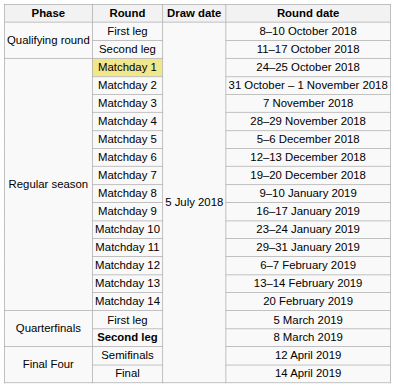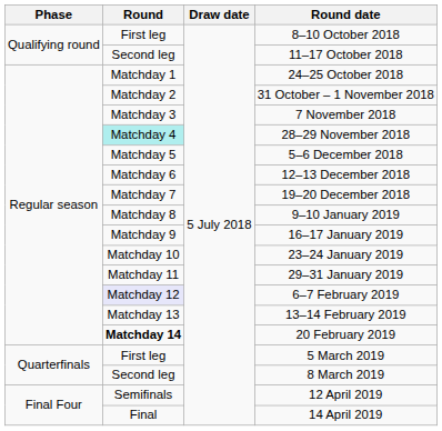 <table class="wikitable" style="text-align:center">
 <tr>
 <th>Phase</th>
 <th>Round</th>
 <th>Draw date</th>
 <th>Round date</th>
 </tr>
 <tr>
 <td rowspan=2>Qualifying round</td>
 <td>First leg</td>
 <td rowspan="20">5 July 2018</td>
 <td>8–10 October 2018</td>
 </tr>
 <tr>
 <td>Second leg</td>
 <td>11–17 October 2018</td>
 </tr>
 <tr>
 <td rowspan=14>Regular season</td>
-<td style="background: khaki;">Matchday 1</td>
+<td>Matchday 1</td>
 <td>24–25 October 2018</td>
 </tr>
 <tr>
 <td>Matchday 2</td>
 <td>31 October – 1 November 2018</td>
 </tr>
 <tr>
 <td>Matchday 3</td>
 <td>7 November 2018</td>
 </tr>
 <tr>
-<td>Matchday 4</td>
+<td style="background: paleturquoise;">Matchday 4</td>
 <td>28–29 November 2018</td>
 </tr>
 <tr>
 <td>Matchday 5</td>
 <td>5–6 December 2018</td>
 </tr>
 <tr>
 <td>Matchday 6</td>
 <td>12–13 December 2018</td>
 </tr>
 <tr>
 <td>Matchday 7</td>
 <td>19–20 December 2018</td>
 </tr>
 <tr>
 <td>Matchday 8</td>
 <td>9–10 January 2019</td>
 </tr>
 <tr>
 <td>Matchday 9</td>
 <td>16–17 January 2019</td>
 </tr>
 <tr>
 <td>Matchday 10</td>
 <td>23–24 January 2019</td>
 </tr>
 <tr>
 <td>Matchday 11</td>
 <td>29–31 January 2019</td>
 </tr>
 <tr>
-<td>Matchday 12</td>
+<td style="background: lavender;">Matchday 12</td>
 <td>6–7 February 2019</td>
 </tr>
 <tr>
 <td>Matchday 13</td>
 <td>13–14 February 2019</td>
 </tr>
 <tr>
-<td>Matchday 14</td>
+<td><strong>Matchday 14</strong></td>
 <td>20 February 2019</td>
 </tr>
 <tr>
 <td rowspan=2>Quarterfinals</td>
 <td>First leg</td>
 <td>5 March 2019</td>
 </tr>
 <tr>
-<td><strong>Second leg</strong></td>
+<td>Second leg</td>
 <td>8 March 2019</td>
 </tr>
 <tr>
 <td rowspan=2>Final Four</td>
 <td>Semifinals</td>
 <td>12 April 2019</td>
 </tr>
 <tr>
 <td>Final</td>
 <td>14 April 2019</td>
 </tr>
 </table>
